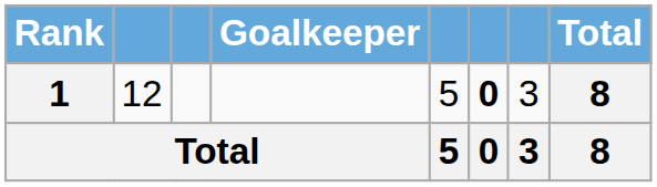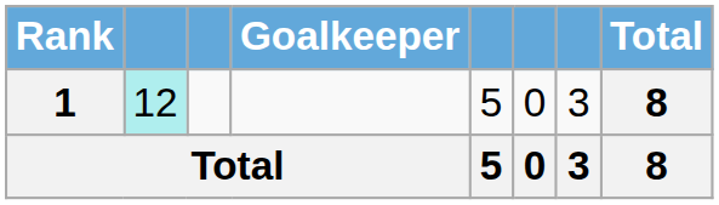 <table class="wikitable sortable" style="text-align:center">
 <tr>
 <th style="background:#62a8da;color:white;width:10px">Rank</th>
 <th style="background:#62a8da;color:white;width:10px"><br></th>
 <th style="background:#62a8da;color:white;width:10px"></th>
 <th style="background:#62a8da;color:white;">Goalkeeper</th>
 <th style="background:#62a8da;color:white;width:10px"></th>
 <th style="background:#62a8da;color:white;width:10px"></th>
 <th style="background:#62a8da;color:white;width:10px"></th>
 <th style="background:#62a8da;color:white;width:10px">Total</th>
 </tr>
 <tr>
 <th>1</th>
-<td>12</td>
+<td style="background: paleturquoise;">12</td>
 <td></td>
 <td align="left"></td>
 <td>5</td>
-<td><strong>0</strong></td>
+<td>0</td>
 <td>3</td>
 <th>8</th>
 </tr>
 <tr>
 <th colspan="4">Total</th>
 <th>5</th>
 <th>0</th>
 <th>3</th>
 <th>8</th>
 </tr>
 </table>
